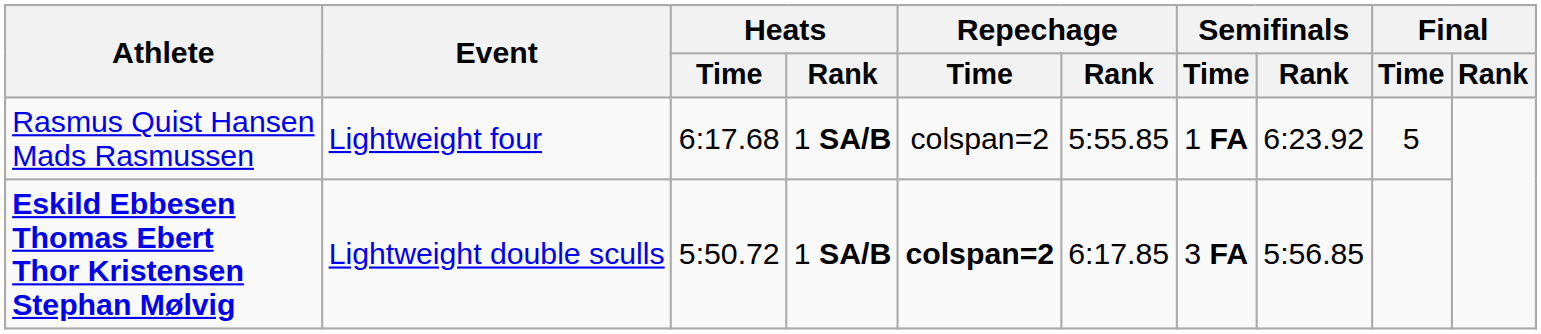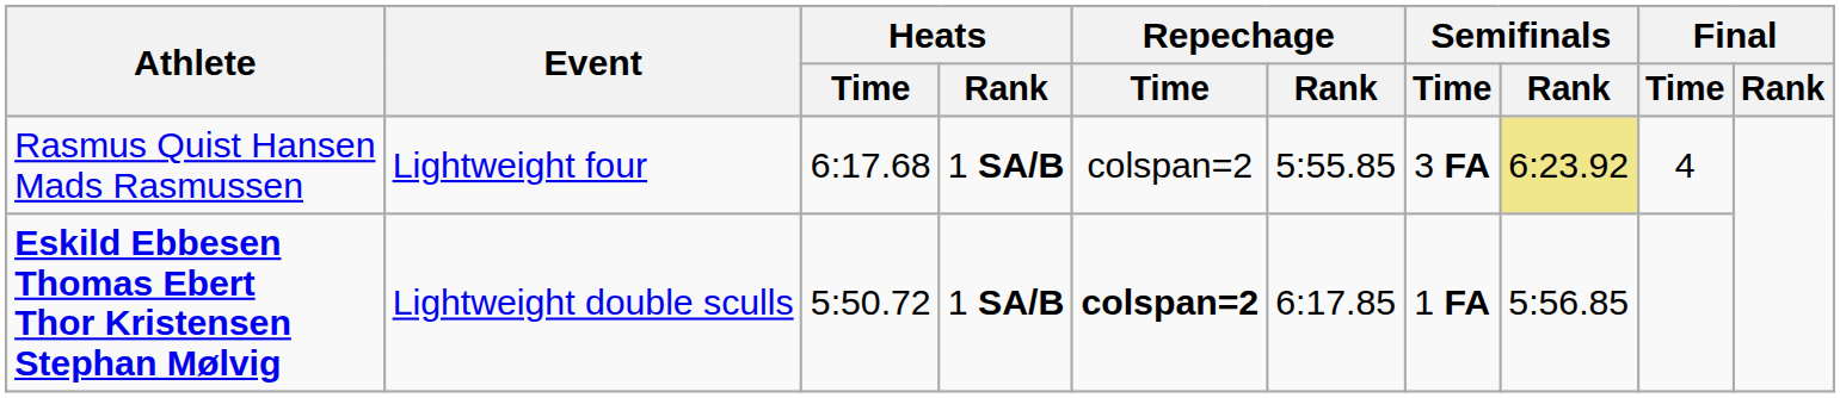 <table class="wikitable" style="font-size:90%;">
 <tr>
 <th rowspan="2">Athlete</th>
 <th rowspan="2">Event</th>
 <th colspan="2">Heats</th>
 <th colspan="2">Repechage</th>
 <th colspan="2">Semifinals</th>
 <th colspan="2">Final</th>
 </tr>
 <tr style="font-size:95%">
 <th>Time</th>
 <th>Rank</th>
 <th>Time</th>
 <th>Rank</th>
 <th>Time</th>
 <th>Rank</th>
 <th>Time</th>
 <th>Rank</th>
 </tr>
 <tr align=center>
 <td align=left><a href='#'>Rasmus Quist Hansen</a><br><a href='#'>Mads Rasmussen</a></td>
 <td align=left><a href='#'>Lightweight four</a></td>
 <td>6:17.68</td>
 <td>1 <strong>SA/B</strong></td>
 <td>colspan=2 </td>
 <td>5:55.85</td>
-<td>1 <strong>FA</strong></td>
-<td>6:23.92</td>
-<td>5</td>
+<td>3 <strong>FA</strong></td>
+<td style="background: khaki;">6:23.92</td>
+<td>4</td>
 </tr>
 <tr align=center>
 <td align=left><strong><a href='#'>Eskild Ebbesen</a><br><a href='#'>Thomas Ebert</a><br><a href='#'>Thor Kristensen</a><br><a href='#'>Stephan Mølvig</a></strong></td>
 <td align=left><a href='#'>Lightweight double sculls</a></td>
 <td>5:50.72</td>
 <td>1 <strong>SA/B</strong></td>
 <td><strong>colspan=2 </strong></td>
 <td>6:17.85</td>
-<td>3 <strong>FA</strong></td>
+<td>1 <strong>FA</strong></td>
 <td>5:56.85</td>
 <td></td>
 </tr>
 </table>
